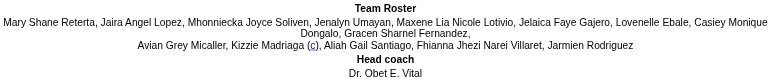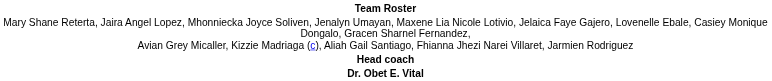 <table style="text-align:center; margin-top:2em; margin-left:auto; margin-right:auto">
 <tr>
 <td><strong>Team Roster</strong></td>
 </tr>
 <tr>
 <td>Mary Shane Reterta, Jaira Angel Lopez, Mhonniecka Joyce Soliven, Jenalyn Umayan, Maxene Lia Nicole Lotivio, Jelaica Faye Gajero, Lovenelle Ebale, Casiey Monique Dongalo, Gracen Sharnel Fernandez,<br>Avian Grey Micaller, Kizzie Madriaga (<a href='#'>c</a>), Aliah Gail Santiago, Fhianna Jhezi Narei Villaret, Jarmien Rodriguez</td>
 </tr>
 <tr>
 <td><strong>Head coach</strong></td>
 </tr>
 <tr>
-<td>Dr. Obet E. Vital</td>
+<td><strong>Dr. Obet E. Vital</strong></td>
 </tr>
 </table>
